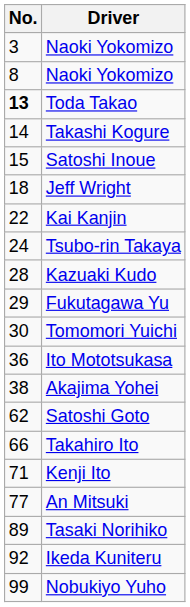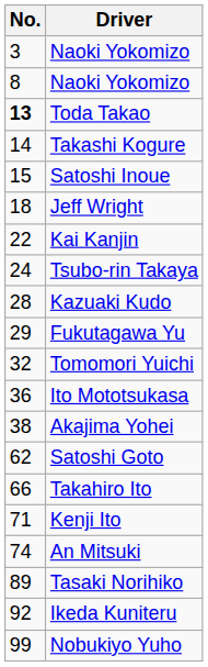 <table class="wikitable">
 <tr>
 <th>No.</th>
 <th>Driver</th>
 </tr>
 <tr>
 <td>3</td>
 <td> <a href='#'>Naoki Yokomizo</a></td>
 </tr>
 <tr>
 <td>8</td>
 <td> <a href='#'>Naoki Yokomizo</a></td>
 </tr>
 <tr>
 <td><strong>13</strong></td>
 <td> <a href='#'>Toda Takao</a></td>
 </tr>
 <tr>
 <td>14</td>
 <td> <a href='#'>Takashi Kogure</a></td>
 </tr>
 <tr>
 <td>15</td>
 <td> <a href='#'>Satoshi Inoue</a></td>
 </tr>
 <tr>
 <td>18</td>
 <td> <a href='#'>Jeff Wright</a></td>
 </tr>
 <tr>
 <td>22</td>
 <td> <a href='#'>Kai Kanjin</a></td>
 </tr>
 <tr>
 <td>24</td>
 <td> <a href='#'>Tsubo-rin Takaya</a></td>
 </tr>
 <tr>
 <td>28</td>
 <td> <a href='#'>Kazuaki Kudo</a></td>
 </tr>
 <tr>
 <td>29</td>
 <td> <a href='#'>Fukutagawa Yu</a></td>
 </tr>
 <tr>
-<td>30</td>
+<td>32</td>
 <td> <a href='#'>Tomomori Yuichi</a></td>
 </tr>
 <tr>
 <td>36</td>
 <td> <a href='#'>Ito Mototsukasa</a></td>
 </tr>
 <tr>
 <td>38</td>
 <td> <a href='#'>Akajima Yohei</a></td>
 </tr>
 <tr>
 <td>62</td>
 <td> <a href='#'>Satoshi Goto</a></td>
 </tr>
 <tr>
 <td>66</td>
 <td> <a href='#'>Takahiro Ito</a></td>
 </tr>
 <tr>
 <td>71</td>
 <td> <a href='#'>Kenji Ito</a></td>
 </tr>
 <tr>
-<td>77</td>
+<td>74</td>
 <td> <a href='#'>An Mitsuki</a></td>
 </tr>
 <tr>
 <td>89</td>
 <td> <a href='#'>Tasaki Norihiko</a></td>
 </tr>
 <tr>
 <td>92</td>
 <td> <a href='#'>Ikeda Kuniteru</a></td>
 </tr>
 <tr>
 <td>99</td>
 <td> <a href='#'>Nobukiyo Yuho</a></td>
 </tr>
 </table>
